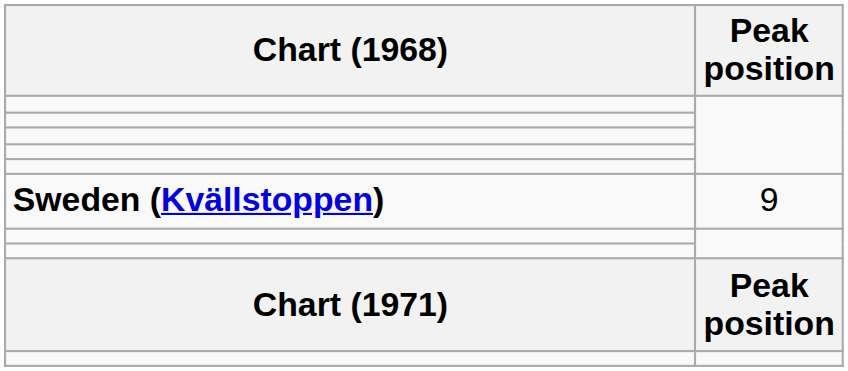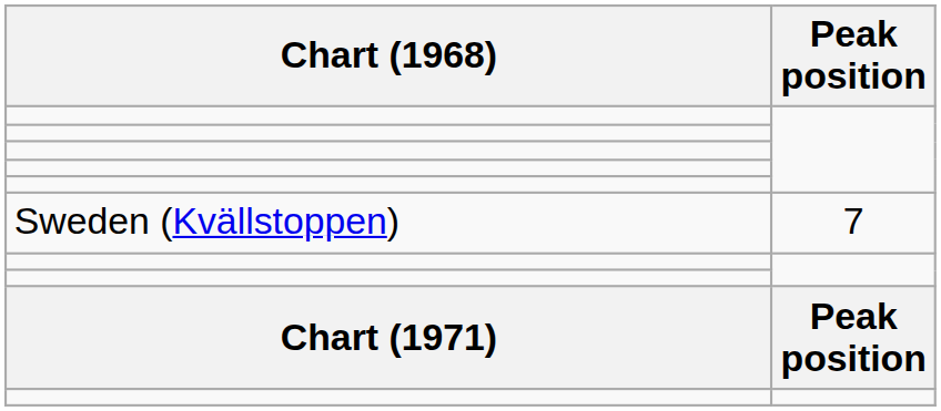 <table class="wikitable sortable">
 <tr>
 <th style="width:20em;">Chart (1968)</th>
 <th>Peak<br>position</th>
 </tr>
 <tr>
 <td></td>
 </tr>
 <tr>
 <td></td>
 </tr>
 <tr>
 <td></td>
 </tr>
 <tr>
 <td></td>
 </tr>
 <tr>
 <td></td>
 </tr>
 <tr>
-<td><strong>Sweden (<a href='#'>Kvällstoppen</a>)</strong></td>
-<td style="text-align:center;">9</td>
+<td>Sweden (<a href='#'>Kvällstoppen</a>)</td>
+<td style="text-align:center;">7</td>
 </tr>
 <tr>
 <td></td>
 </tr>
 <tr>
 <td></td>
 </tr>
 <tr>
 <th style="width:20em;">Chart (1971)</th>
 <th>Peak<br>position</th>
 </tr>
 <tr>
 <td></td>
 </tr>
 </table>
